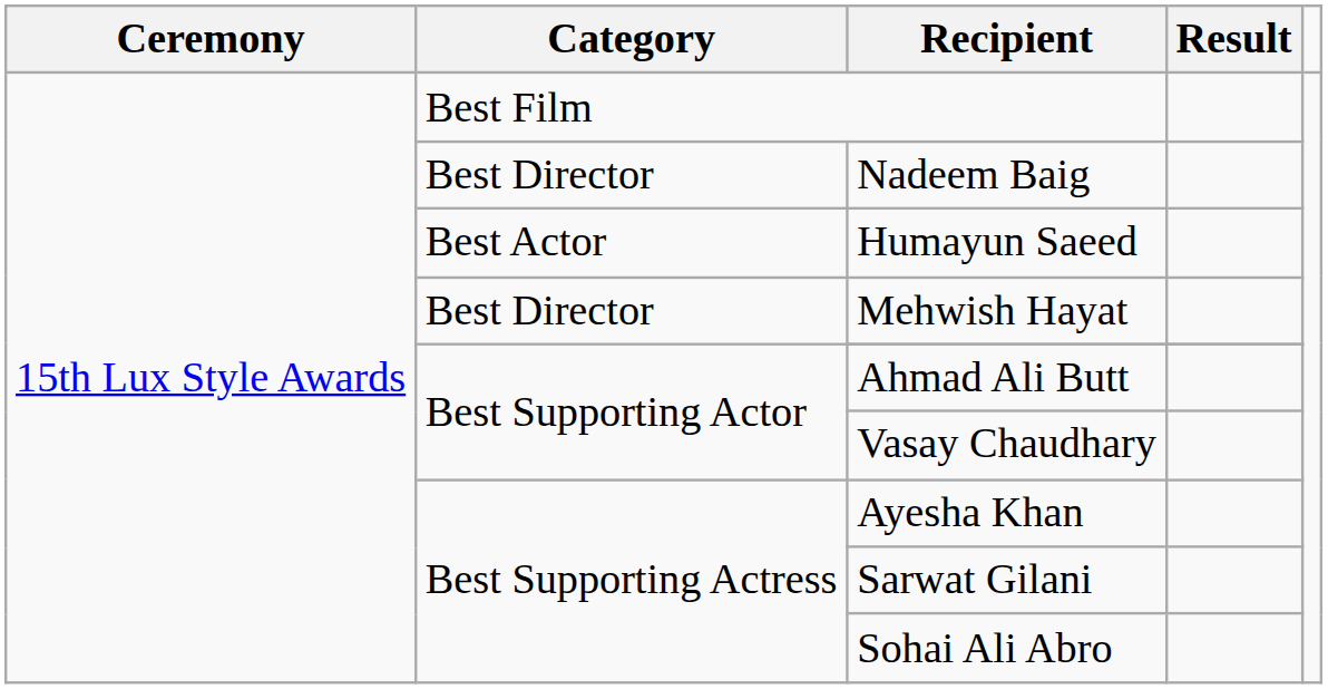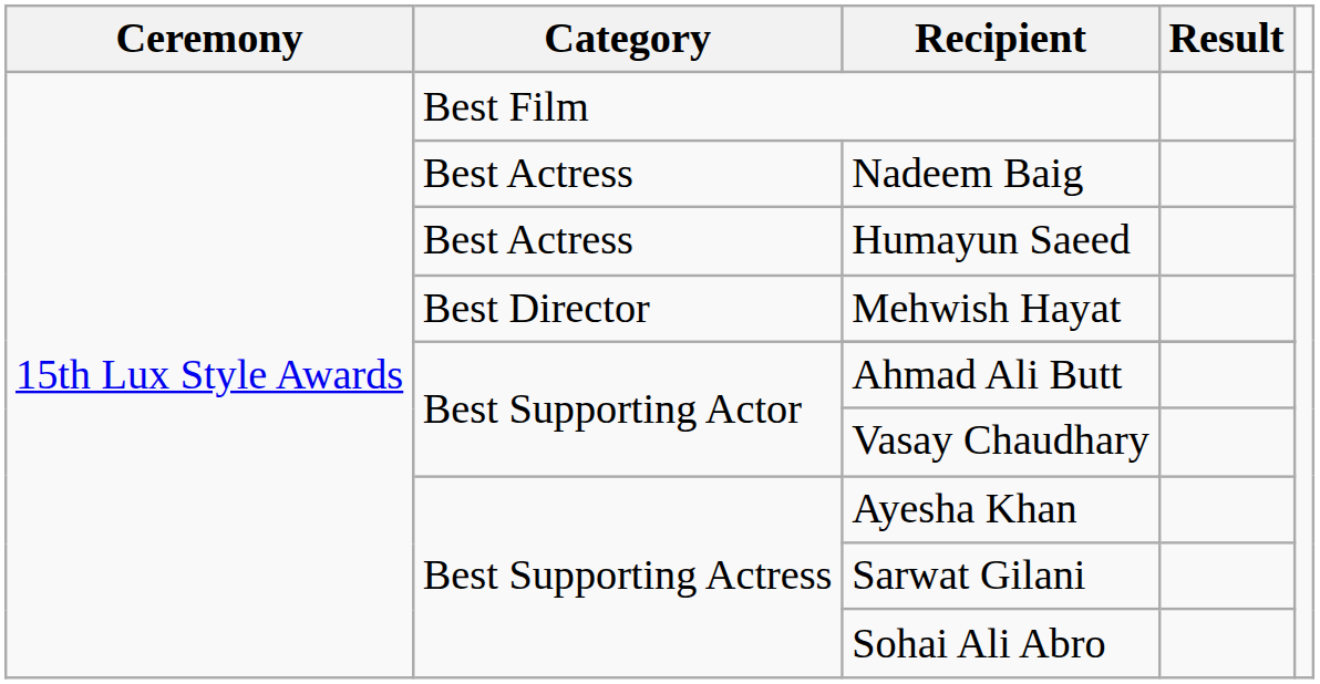 <table class="wikitable">
 <tr>
 <th>Ceremony</th>
 <th>Category</th>
 <th>Recipient</th>
 <th>Result</th>
 </tr>
 <tr>
 <td scope="row" rowspan="10"><a href='#'>15th Lux Style Awards</a></td>
 <td colspan="2">Best Film</td>
 <td></td>
 <td rowspan="10"></td>
 </tr>
 <tr>
-<td>Best Director</td>
+<td>Best Actress</td>
 <td>Nadeem Baig</td>
 <td></td>
 </tr>
 <tr>
-<td>Best Actor</td>
+<td>Best Actress</td>
 <td>Humayun Saeed</td>
 <td></td>
 </tr>
 <tr>
 <td>Best Director</td>
 <td>Mehwish Hayat</td>
 <td></td>
 </tr>
 <tr>
 <td rowspan="3">Best Supporting Actor</td>
 </tr>
 <tr>
 <td>Ahmad Ali Butt</td>
 <td></td>
 </tr>
 <tr>
 <td>Vasay Chaudhary</td>
 <td></td>
 </tr>
 <tr>
 <td rowspan="3">Best Supporting Actress</td>
 <td>Ayesha Khan</td>
 <td></td>
 </tr>
 <tr>
 <td>Sarwat Gilani</td>
 <td></td>
 </tr>
 <tr>
 <td>Sohai Ali Abro</td>
 <td></td>
 </tr>
 </table>
